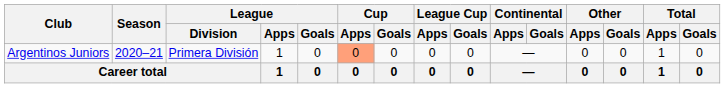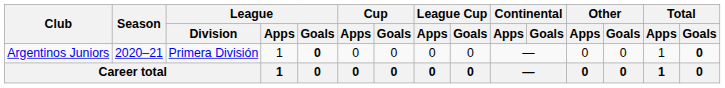 <table class="wikitable" style="text-align:center">
 <tr>
 <th rowspan="2">Club</th>
 <th rowspan="2">Season</th>
 <th colspan="3">League</th>
 <th colspan="2">Cup</th>
 <th colspan="2">League Cup</th>
 <th colspan="2">Continental</th>
 <th colspan="2">Other</th>
 <th colspan="2">Total</th>
 </tr>
 <tr>
 <th>Division</th>
 <th>Apps</th>
 <th>Goals</th>
 <th>Apps</th>
 <th>Goals</th>
 <th>Apps</th>
 <th>Goals</th>
 <th>Apps</th>
 <th>Goals</th>
 <th>Apps</th>
 <th>Goals</th>
 <th>Apps</th>
 <th>Goals</th>
 </tr>
 <tr>
 <td rowspan="1"><a href='#'>Argentinos Juniors</a></td>
 <td><a href='#'>2020–21</a></td>
 <td rowspan="1"><a href='#'>Primera División</a></td>
 <td>1</td>
+<td><strong>0</strong></td>
 <td>0</td>
-<td style="background: lightsalmon;">0</td>
 <td>0</td>
 <td>0</td>
 <td>0</td>
 <td colspan="2">—</td>
 <td>0</td>
 <td>0</td>
 <td>1</td>
-<td>0</td>
+<td><strong>0</strong></td>
 </tr>
 <tr>
 <th colspan="3">Career total</th>
 <th>1</th>
 <th>0</th>
 <th>0</th>
 <th>0</th>
 <th>0</th>
 <th>0</th>
 <th colspan="2">—</th>
 <th>0</th>
 <th>0</th>
 <th>1</th>
 <th>0</th>
 </tr>
 </table>
